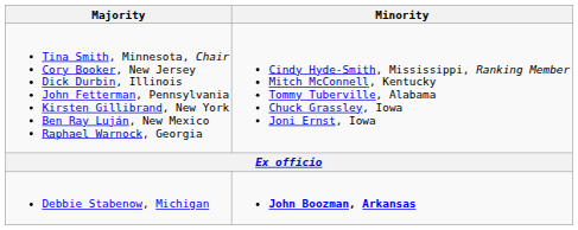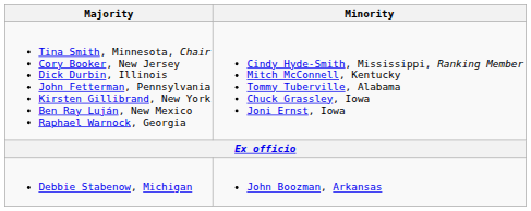 <table class=wikitable>
 <tr>
 <th>Majority</th>
 <th>Minority</th>
 </tr>
 <tr>
 <td><br><ul><li><a href='#'>Tina Smith</a>, Minnesota, <em>Chair</em></li><li><a href='#'>Cory Booker</a>, New Jersey</li><li><a href='#'>Dick Durbin</a>, Illinois</li><li><a href='#'>John Fetterman</a>, Pennsylvania</li><li><a href='#'>Kirsten Gillibrand</a>, New York</li><li><a href='#'>Ben Ray Luján</a>, New Mexico</li><li><a href='#'>Raphael Warnock</a>, Georgia</li></ul></td>
 <td><br><ul><li><a href='#'>Cindy Hyde-Smith</a>, Mississippi, <em>Ranking Member</em></li><li><a href='#'>Mitch McConnell</a>, Kentucky</li><li><a href='#'>Tommy Tuberville</a>, Alabama</li><li><a href='#'>Chuck Grassley</a>, Iowa</li><li><a href='#'>Joni Ernst</a>, Iowa</li></ul></td>
 </tr>
 <tr>
 <th colspan=2><em><a href='#'>Ex officio</a></em></th>
 </tr>
 <tr>
 <td><br><ul><li><a href='#'>Debbie Stabenow</a>, <a href='#'>Michigan</a></li></ul></td>
-<td><strong><br><ul><li><a href='#'>John Boozman</a>, <a href='#'>Arkansas</a></li></ul></strong></td>
+<td><br><ul><li><a href='#'>John Boozman</a>, <a href='#'>Arkansas</a></li></ul></td>
 </tr>
 </table>
